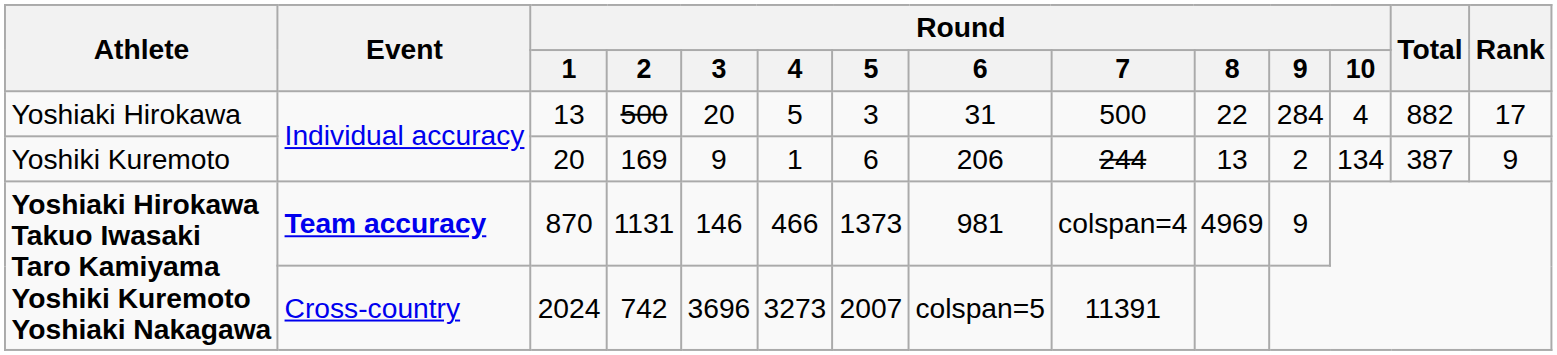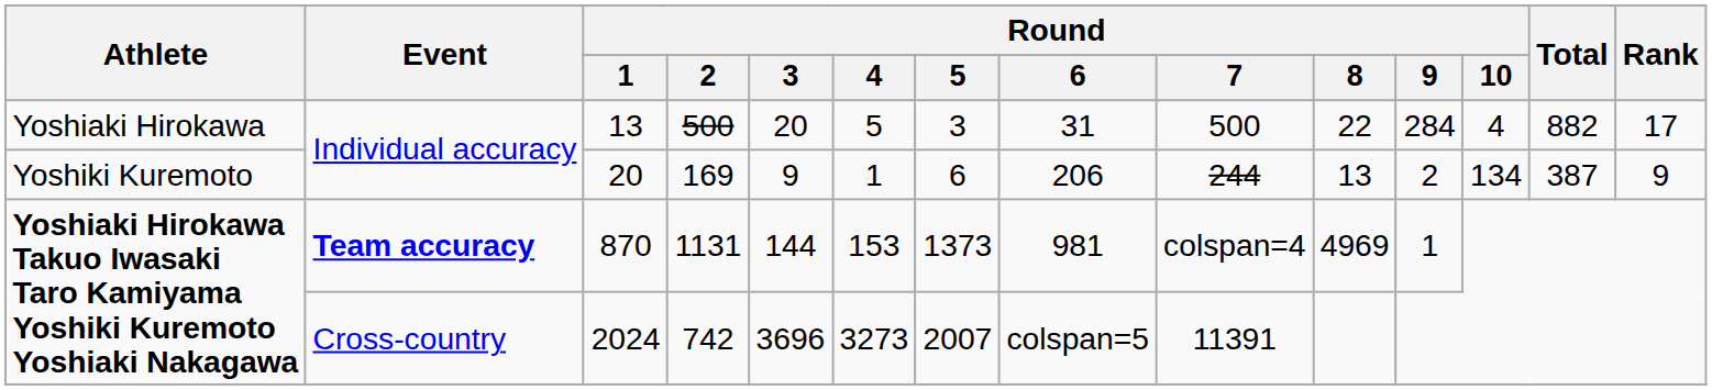 <table class=wikitable style=font-size:90%;text-align:center>
 <tr>
 <th rowspan="2">Athlete</th>
 <th rowspan="2">Event</th>
 <th colspan=10>Round</th>
 <th rowspan=2>Total</th>
 <th rowspan=2>Rank</th>
 </tr>
 <tr style="font-size:95%">
 <th>1</th>
 <th>2</th>
 <th>3</th>
 <th>4</th>
 <th>5</th>
 <th>6</th>
 <th>7</th>
 <th>8</th>
 <th>9</th>
 <th>10</th>
 </tr>
 <tr>
 <td style="text-align:left">Yoshiaki Hirokawa</td>
 <td style="text-align:left" rowspan=2><a href='#'>Individual accuracy</a></td>
 <td>13</td>
 <td><s>500</s></td>
 <td>20</td>
 <td>5</td>
 <td>3</td>
 <td>31</td>
 <td>500</td>
 <td>22</td>
 <td>284</td>
 <td>4</td>
 <td>882</td>
 <td>17</td>
 </tr>
 <tr>
 <td style="text-align:left">Yoshiki Kuremoto</td>
 <td>20</td>
 <td>169</td>
 <td>9</td>
 <td>1</td>
 <td>6</td>
 <td>206</td>
 <td><s>244</s></td>
 <td>13</td>
 <td>2</td>
 <td>134</td>
 <td>387</td>
 <td>9</td>
 </tr>
 <tr>
 <td style="text-align:left" rowspan=2><strong>Yoshiaki Hirokawa<br>Takuo Iwasaki<br>Taro Kamiyama<br>Yoshiki Kuremoto<br>Yoshiaki Nakagawa</strong></td>
 <td style="text-align:left"><strong><a href='#'>Team accuracy</a></strong></td>
 <td>870</td>
 <td>1131</td>
-<td>146</td>
-<td>466</td>
+<td>144</td>
+<td>153</td>
 <td>1373</td>
 <td>981</td>
 <td>colspan=4 </td>
 <td>4969</td>
-<td>9</td>
+<td>1</td>
 </tr>
 <tr>
 <td style="text-align:left"><a href='#'>Cross-country</a></td>
 <td>2024</td>
 <td>742</td>
 <td>3696</td>
 <td>3273</td>
 <td>2007</td>
 <td>colspan=5 </td>
 <td>11391</td>
 <td></td>
 </tr>
 </table>
